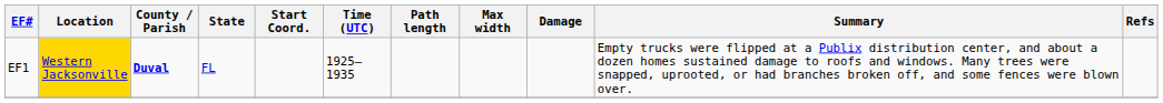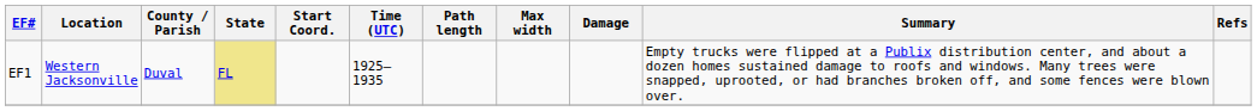 <table class="wikitable sortable" style="width:100%;">
 <tr>
 <th scope="col" width="3%" align="center"><a href='#'>EF#</a></th>
 <th scope="col" width="7%" align="center" class="unsortable">Location</th>
 <th scope="col" width="6%" align="center" class="unsortable">County / Parish</th>
 <th scope="col" width="5%" align="center">State</th>
 <th scope="col" width="6%" align="center">Start Coord.</th>
 <th scope="col" width="6%" align="center">Time (<a href='#'>UTC</a>)</th>
 <th scope="col" width="6%" align="center">Path length</th>
 <th scope="col" width="6%" align="center">Max width</th>
 <th scope="col" width="6%" align="center">Damage</th>
 <th scope="col" width="48%" class="unsortable" align="center">Summary</th>
 <th scope="col" width="48%" class="unsortable" align="center">Refs</th>
 </tr>
 <tr>
 <td>EF1</td>
-<td style="background: gold;"><a href='#'>Western Jacksonville</a></td>
-<td><strong><a href='#'>Duval</a></strong></td>
-<td><a href='#'>FL</a></td>
+<td><a href='#'>Western Jacksonville</a></td>
+<td><a href='#'>Duval</a></td>
+<td style="background: khaki;"><a href='#'>FL</a></td>
 <td></td>
 <td>1925–1935</td>
 <td></td>
 <td></td>
 <td></td>
 <td>Empty trucks were flipped at a <a href='#'>Publix</a> distribution center, and about a dozen homes sustained damage to roofs and windows. Many trees were snapped, uprooted, or had branches broken off, and some fences were blown over.</td>
 <td></td>
 </tr>
 <tr>
 </tr>
 </table>
